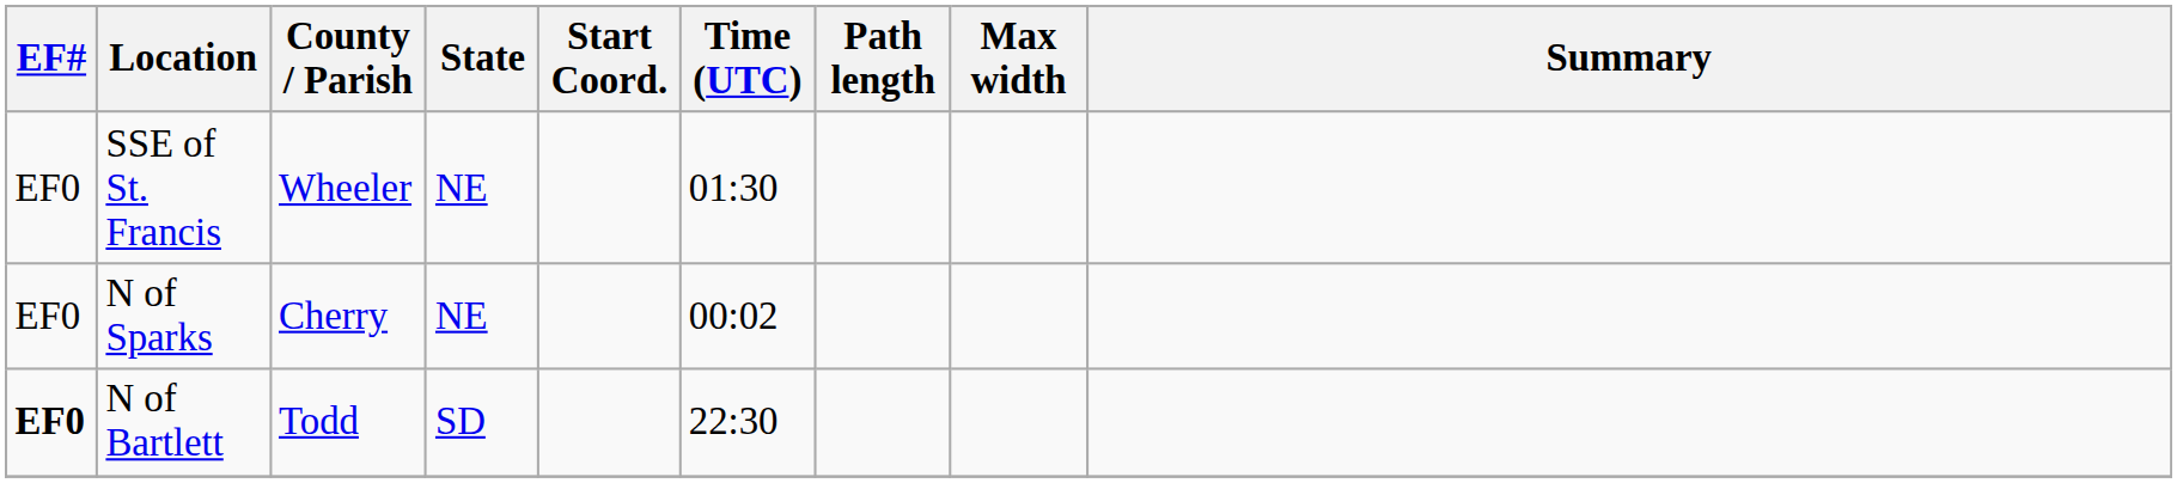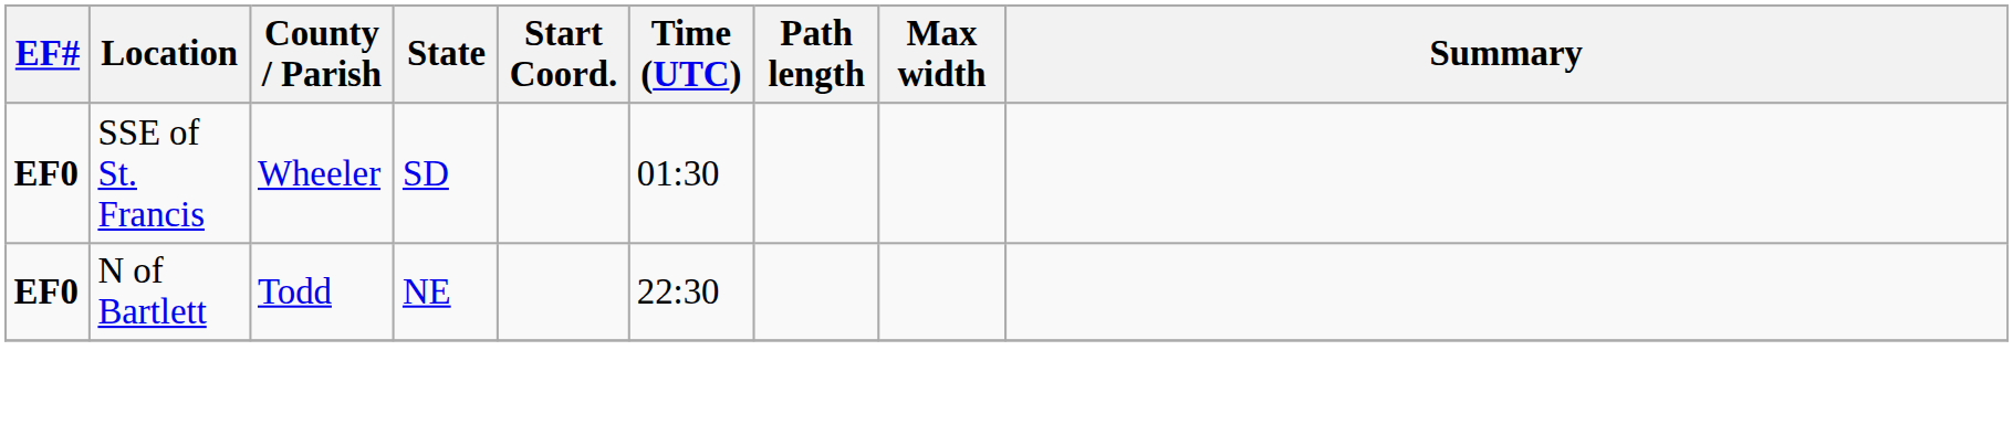 <table class="wikitable sortable" style="width:100%;">
 <tr>
 <th scope="col"  style="width:3%; text-align:center;"><a href='#'>EF#</a></th>
 <th scope="col"  style="width:7%; text-align:center;" class="unsortable">Location</th>
 <th scope="col"  style="width:6%; text-align:center;" class="unsortable">County / Parish</th>
 <th scope="col"  style="width:5%; text-align:center;">State</th>
 <th scope="col"  style="width:6%; text-align:center;">Start Coord.</th>
 <th scope="col"  style="width:6%; text-align:center;">Time (<a href='#'>UTC</a>)</th>
 <th scope="col"  style="width:6%; text-align:center;">Path length</th>
 <th scope="col"  style="width:6%; text-align:center;">Max width</th>
 <th scope="col" class="unsortable" style="width:48%; text-align:center;">Summary</th>
 </tr>
 <tr>
-<td>EF0</td>
+<td><strong>EF0</strong></td>
 <td>SSE of <a href='#'>St. Francis</a></td>
 <td><a href='#'>Wheeler</a></td>
-<td><a href='#'>NE</a></td>
+<td><a href='#'>SD</a></td>
 <td></td>
 <td>01:30</td>
-<td></td>
-<td></td>
-<td></td>
-</tr>
-<tr>
-<td>EF0</td>
-<td>N of <a href='#'>Sparks</a></td>
-<td><a href='#'>Cherry</a></td>
-<td><a href='#'>NE</a></td>
-<td></td>
-<td>00:02</td>
 <td></td>
 <td></td>
 <td></td>
 </tr>
 <tr>
 <td><strong>EF0</strong></td>
 <td>N of <a href='#'>Bartlett</a></td>
 <td><a href='#'>Todd</a></td>
-<td><a href='#'>SD</a></td>
+<td><a href='#'>NE</a></td>
 <td></td>
 <td>22:30</td>
 <td></td>
 <td></td>
 <td></td>
 </tr>
 <tr>
 </tr>
 </table>
